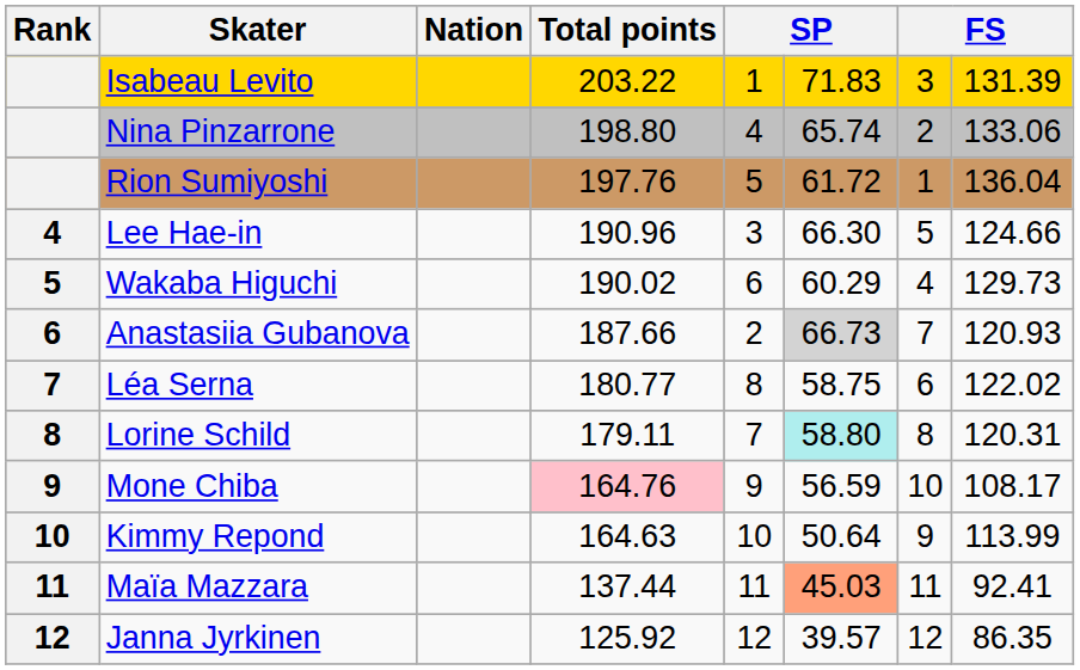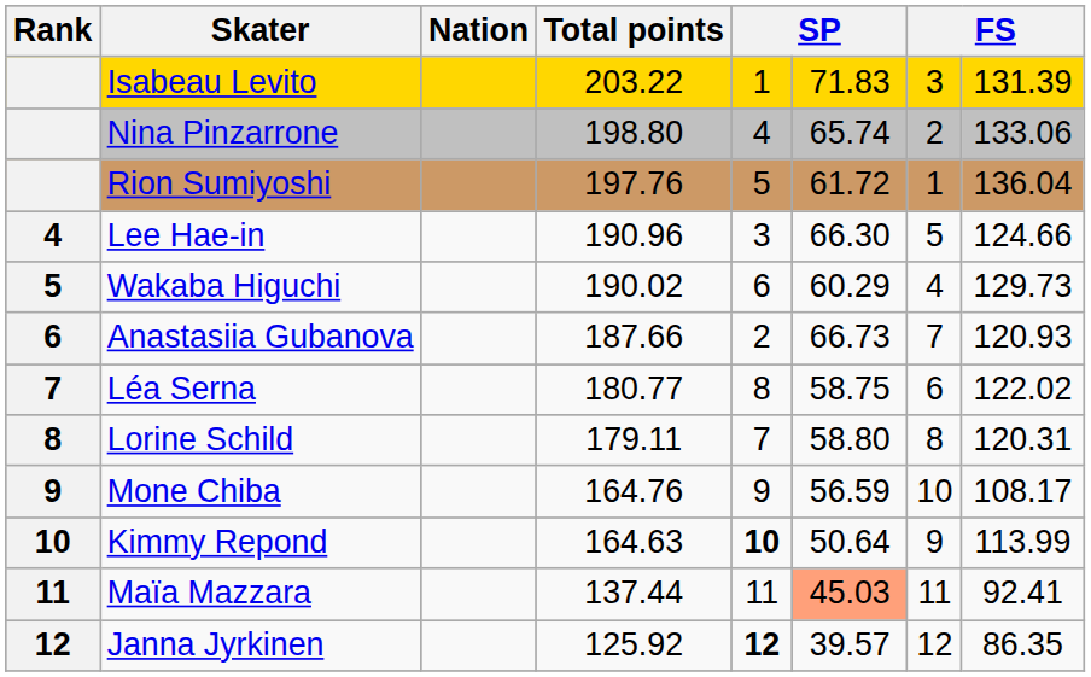 <table class="wikitable sortable" style="text-align:left">
 <tr>
 <th scope="col">Rank</th>
 <th scope="col">Skater</th>
 <th scope="col">Nation</th>
 <th scope="col">Total points</th>
 <th scope="col" colspan="2" width="80px"><a href='#'>SP</a></th>
 <th scope="col" colspan="2" width="80px"><a href='#'>FS</a></th>
 </tr>
 <tr bgcolor="gold">
 <th scope="row"></th>
 <td><a href='#'>Isabeau Levito</a></td>
 <td></td>
 <td align="center">203.22</td>
 <td align="center">1</td>
 <td align="center">71.83</td>
 <td align="center">3</td>
 <td align="center">131.39</td>
 </tr>
 <tr bgcolor="silver">
 <th scope="row"></th>
 <td><a href='#'>Nina Pinzarrone</a></td>
 <td></td>
 <td align="center">198.80</td>
 <td align="center">4</td>
 <td align="center">65.74</td>
 <td align="center">2</td>
 <td align="center">133.06</td>
 </tr>
 <tr bgcolor="cc9966">
 <th scope="row"></th>
 <td><a href='#'>Rion Sumiyoshi</a></td>
 <td></td>
 <td align="center">197.76</td>
 <td align="center">5</td>
 <td align="center">61.72</td>
 <td align="center">1</td>
 <td align="center">136.04</td>
 </tr>
 <tr>
 <th scope="row">4</th>
 <td><a href='#'>Lee Hae-in</a></td>
 <td></td>
 <td align="center">190.96</td>
 <td align="center">3</td>
 <td align="center">66.30</td>
 <td align="center">5</td>
 <td align="center">124.66</td>
 </tr>
 <tr>
 <th scope="row">5</th>
 <td><a href='#'>Wakaba Higuchi</a></td>
 <td></td>
 <td align="center">190.02</td>
 <td align="center">6</td>
 <td align="center">60.29</td>
 <td align="center">4</td>
 <td align="center">129.73</td>
 </tr>
 <tr>
 <th scope="row">6</th>
 <td><a href='#'>Anastasiia Gubanova</a></td>
 <td></td>
 <td align="center">187.66</td>
 <td align="center">2</td>
-<td align="center" style="background: lightgrey;">66.73</td>
+<td align="center">66.73</td>
 <td align="center">7</td>
 <td align="center">120.93</td>
 </tr>
 <tr>
 <th scope="row">7</th>
 <td><a href='#'>Léa Serna</a></td>
 <td></td>
 <td align="center">180.77</td>
 <td align="center">8</td>
 <td align="center">58.75</td>
 <td align="center">6</td>
 <td align="center">122.02</td>
 </tr>
 <tr>
 <th scope="row">8</th>
 <td><a href='#'>Lorine Schild</a></td>
 <td></td>
 <td align="center">179.11</td>
 <td align="center">7</td>
-<td align="center" style="background: paleturquoise;">58.80</td>
+<td align="center">58.80</td>
 <td align="center">8</td>
 <td align="center">120.31</td>
 </tr>
 <tr>
 <th scope="row">9</th>
 <td><a href='#'>Mone Chiba</a></td>
 <td></td>
-<td align="center" style="background: pink;">164.76</td>
+<td align="center">164.76</td>
 <td align="center">9</td>
 <td align="center">56.59</td>
 <td align="center">10</td>
 <td align="center">108.17</td>
 </tr>
 <tr>
 <th scope="row">10</th>
 <td><a href='#'>Kimmy Repond</a></td>
 <td></td>
 <td align="center">164.63</td>
-<td align="center">10</td>
+<td align="center"><strong>10</strong></td>
 <td align="center">50.64</td>
 <td align="center">9</td>
 <td align="center">113.99</td>
 </tr>
 <tr>
 <th scope="row">11</th>
 <td><a href='#'>Maïa Mazzara</a></td>
 <td></td>
 <td align="center">137.44</td>
 <td align="center">11</td>
 <td align="center" style="background: lightsalmon;">45.03</td>
 <td align="center">11</td>
 <td align="center">92.41</td>
 </tr>
 <tr>
 <th scope="row">12</th>
 <td><a href='#'>Janna Jyrkinen</a></td>
 <td></td>
 <td align="center">125.92</td>
-<td align="center">12</td>
+<td align="center"><strong>12</strong></td>
 <td align="center">39.57</td>
 <td align="center">12</td>
 <td align="center">86.35</td>
 </tr>
 </table>
